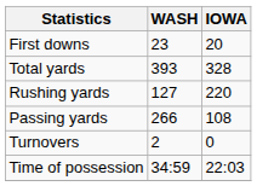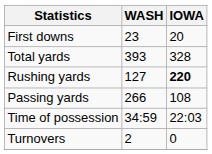 <table class="wikitable" style="float: left;">
 <tr>
 <th>Statistics</th>
 <th>WASH</th>
 <th>IOWA</th>
 </tr>
 <tr>
 <td>First downs</td>
 <td>23</td>
 <td>20</td>
 </tr>
 <tr>
 <td>Total yards</td>
 <td>393</td>
 <td>328</td>
 </tr>
 <tr>
 <td>Rushing yards</td>
 <td>127</td>
-<td>220</td>
+<td><strong>220</strong></td>
 </tr>
 <tr>
 <td>Passing yards</td>
 <td>266</td>
 <td>108</td>
 </tr>
 <tr>
+<td>Time of possession</td>
+<td>34:59</td>
+<td>22:03</td>
+</tr>
+<tr>
 <td>Turnovers</td>
 <td>2</td>
 <td>0</td>
 </tr>
 <tr>
-<td>Time of possession</td>
-<td>34:59</td>
-<td>22:03</td>
-</tr>
-<tr>
 </tr>
 </table>
